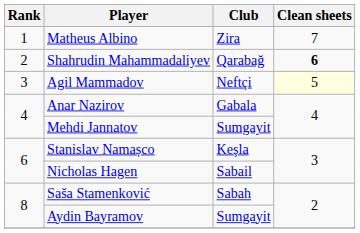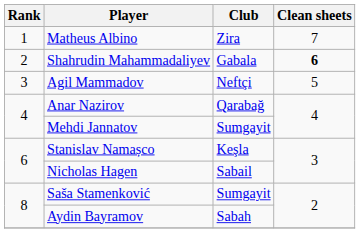 <table class="wikitable" style="text-align:center">
 <tr>
 <th>Rank</th>
 <th>Player</th>
 <th>Club</th>
 <th>Clean sheets</th>
 </tr>
 <tr>
 <td rowspan="1">1</td>
 <td align="left"> <a href='#'>Matheus Albino</a></td>
 <td align="left"><a href='#'>Zira</a></td>
 <td rowspan="1">7</td>
 </tr>
 <tr>
 <td rowspan="1">2</td>
 <td align="left"> <a href='#'>Shahrudin Mahammadaliyev</a></td>
-<td align="left"><a href='#'>Qarabağ</a></td>
+<td align="left"><a href='#'>Gabala</a></td>
 <td rowspan="1"><strong>6</strong></td>
 </tr>
 <tr>
 <td rowspan="1">3</td>
 <td align="left"> <a href='#'>Agil Mammadov</a></td>
 <td align="left"><a href='#'>Neftçi</a></td>
-<td rowspan="1" style="background: lightyellow;">5</td>
+<td rowspan="1">5</td>
 </tr>
 <tr>
 <td rowspan="2">4</td>
 <td align="left"> <a href='#'>Anar Nazirov</a></td>
-<td align="left"><a href='#'>Gabala</a></td>
+<td align="left"><a href='#'>Qarabağ</a></td>
 <td rowspan="2">4</td>
 </tr>
 <tr>
 <td align="left"> <a href='#'>Mehdi Jannatov</a></td>
 <td align="left"><a href='#'>Sumgayit</a></td>
 </tr>
 <tr>
 <td rowspan="2">6</td>
 <td align="left"> <a href='#'>Stanislav Namașco</a></td>
 <td align="left"><a href='#'>Keşla</a></td>
 <td rowspan="2">3</td>
 </tr>
 <tr>
 <td align="left"> <a href='#'>Nicholas Hagen</a></td>
 <td align="left"><a href='#'>Sabail</a></td>
 </tr>
 <tr>
 <td rowspan="2">8</td>
 <td align="left"> <a href='#'>Saša Stamenković</a></td>
-<td align="left"><a href='#'>Sabah</a></td>
+<td align="left"><a href='#'>Sumgayit</a></td>
 <td rowspan="2">2</td>
 </tr>
 <tr>
 <td align="left"> <a href='#'>Aydin Bayramov</a></td>
-<td align="left"><a href='#'>Sumgayit</a></td>
+<td align="left"><a href='#'>Sabah</a></td>
 </tr>
 <tr>
 </tr>
 </table>
